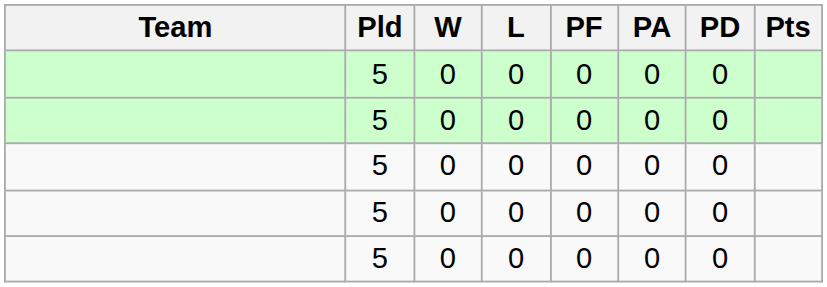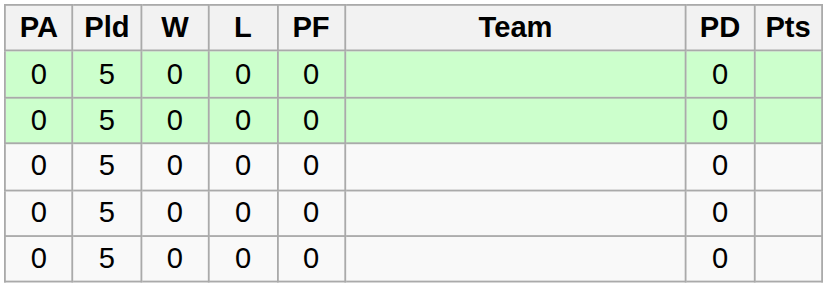 <table class=wikitable style="text-align:center">
 <tr>
-<th width=180>Team</th>
+<th width=30>PA</th>
 <th width=30>Pld</th>
 <th width=30>W</th>
 <th width=30>L</th>
 <th width=30>PF</th>
-<th width=30>PA</th>
+<th width=180>Team</th>
 <th width=30>PD</th>
 <th width=30>Pts</th>
 </tr>
 <tr bgcolor="#ccffcc">
-<td align="left"></td>
+<td>0</td>
 <td>5</td>
 <td>0</td>
 <td>0</td>
 <td>0</td>
-<td>0</td>
+<td align="left"></td>
 <td>0</td>
 <td><strong>  </strong></td>
 </tr>
 <tr bgcolor="#ccffcc">
-<td align="left"></td>
+<td>0</td>
 <td>5</td>
 <td>0</td>
 <td>0</td>
 <td>0</td>
-<td>0</td>
+<td align="left"></td>
 <td>0</td>
 <td><strong>  </strong></td>
 </tr>
 <tr b>
-<td align="left"></td>
+<td>0</td>
 <td>5</td>
 <td>0</td>
 <td>0</td>
 <td>0</td>
-<td>0</td>
+<td align="left"></td>
 <td>0</td>
 <td><strong>  </strong></td>
 </tr>
 <tr>
-<td align="left"></td>
+<td>0</td>
 <td>5</td>
 <td>0</td>
 <td>0</td>
 <td>0</td>
-<td>0</td>
+<td align="left"></td>
 <td>0</td>
 <td><strong>  </strong></td>
 </tr>
 <tr>
-<td align="left"></td>
+<td>0</td>
 <td>5</td>
 <td>0</td>
 <td>0</td>
 <td>0</td>
-<td>0</td>
+<td align="left"></td>
 <td>0</td>
 <td><strong>  </strong></td>
 </tr>
 </table>
